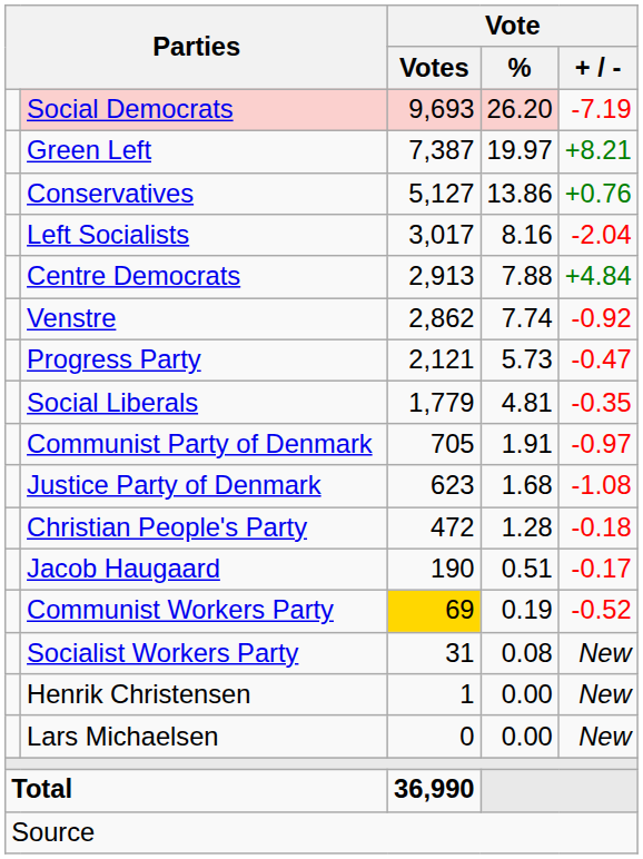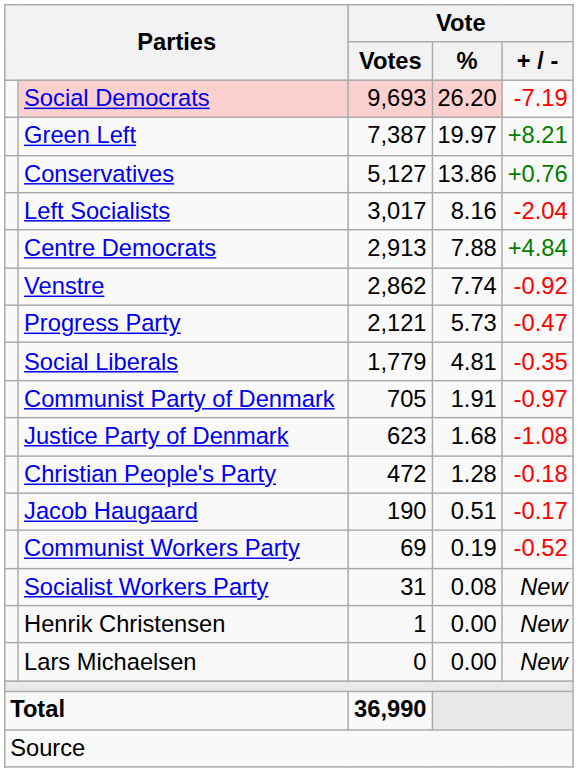 <table class="wikitable" style="text-align:right;">
 <tr>
 <th style="text-align:centre;" rowspan="2" colspan="2" width="225">Parties</th>
 <th colspan="3">Vote</th>
 </tr>
 <tr>
 <th width="15">Votes</th>
 <th width="15">%</th>
 <th width="15">+ / -</th>
 </tr>
 <tr>
 <td width="2" style="color:inherit;background:"></td>
 <td bgcolor=#fbd0ce  align="left"><a href='#'>Social Democrats</a></td>
 <td bgcolor=#fbd0ce>9,693</td>
 <td bgcolor=#fbd0ce>26.20</td>
 <td style=color:red;>-7.19</td>
 </tr>
 <tr>
 <td width="2" style="color:inherit;background:"></td>
 <td align="left"><a href='#'>Green Left</a></td>
 <td>7,387</td>
 <td>19.97</td>
 <td style=color:green;>+8.21</td>
 </tr>
 <tr>
 <td width="2" style="color:inherit;background:"></td>
 <td align="left"><a href='#'>Conservatives</a></td>
 <td>5,127</td>
 <td>13.86</td>
 <td style=color:green;>+0.76</td>
 </tr>
 <tr>
 <td width="2" style="color:inherit;background:"></td>
 <td align="left"><a href='#'>Left Socialists</a></td>
 <td>3,017</td>
 <td>8.16</td>
 <td style=color:red;>-2.04</td>
 </tr>
 <tr>
 <td width="2" style="color:inherit;background:"></td>
 <td align="left"><a href='#'>Centre Democrats</a></td>
 <td>2,913</td>
 <td>7.88</td>
 <td style=color:green;>+4.84</td>
 </tr>
 <tr>
 <td width="2" style="color:inherit;background:"></td>
 <td align="left"><a href='#'>Venstre</a></td>
 <td>2,862</td>
 <td>7.74</td>
 <td style=color:red;>-0.92</td>
 </tr>
 <tr>
 <td width="2" style="color:inherit;background:"></td>
 <td align="left"><a href='#'>Progress Party</a></td>
 <td>2,121</td>
 <td>5.73</td>
 <td style=color:red;>-0.47</td>
 </tr>
 <tr>
 <td width="2" style="color:inherit;background:"></td>
 <td align="left"><a href='#'>Social Liberals</a></td>
 <td>1,779</td>
 <td>4.81</td>
 <td style=color:red;>-0.35</td>
 </tr>
 <tr>
 <td width="2" style="color:inherit;background:"></td>
 <td align="left"><a href='#'>Communist Party of Denmark</a></td>
 <td>705</td>
 <td>1.91</td>
 <td style=color:red;>-0.97</td>
 </tr>
 <tr>
 <td width="2" style="color:inherit;background:"></td>
 <td align="left"><a href='#'>Justice Party of Denmark</a></td>
 <td>623</td>
 <td>1.68</td>
 <td style=color:red;>-1.08</td>
 </tr>
 <tr>
 <td width="2" style="color:inherit;background:"></td>
 <td align="left"><a href='#'>Christian People's Party</a></td>
 <td>472</td>
 <td>1.28</td>
 <td style=color:red;>-0.18</td>
 </tr>
 <tr>
 <td width="2" style="color:inherit;background:"></td>
 <td align="left"><a href='#'>Jacob Haugaard</a></td>
 <td>190</td>
 <td>0.51</td>
 <td style=color:red;>-0.17</td>
 </tr>
 <tr>
 <td width="2" style="color:inherit;background:"></td>
 <td align="left"><a href='#'>Communist Workers Party</a></td>
-<td style="background: gold;">69</td>
+<td>69</td>
 <td>0.19</td>
 <td style=color:red;>-0.52</td>
 </tr>
 <tr>
 <td width="2" style="color:inherit;background:"></td>
 <td align="left"><a href='#'>Socialist Workers Party</a></td>
 <td>31</td>
 <td>0.08</td>
 <td><em>New</em></td>
 </tr>
 <tr>
 <td width="2" style="color:inherit;background:"></td>
 <td align="left">Henrik Christensen</td>
 <td>1</td>
 <td>0.00</td>
 <td><em>New</em></td>
 </tr>
 <tr>
 <td width="2" style="color:inherit;background:"></td>
 <td align="left">Lars Michaelsen</td>
 <td>0</td>
 <td>0.00</td>
 <td><em>New</em></td>
 </tr>
 <tr>
 <td colspan="7" bgcolor="#E9E9E9"></td>
 </tr>
 <tr>
 <td align="left" colspan="2"><strong>Total</strong></td>
 <td><strong>36,990</strong></td>
 <td bgcolor="#E9E9E9" colspan="2"></td>
 </tr>
 <tr>
 <td align="left" colspan="6">Source</td>
 </tr>
 </table>
